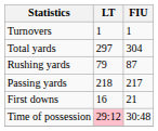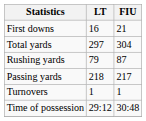 <table class="wikitable" style="float: left;">
 <tr>
 <th>Statistics</th>
 <th>LT</th>
 <th>FIU</th>
 </tr>
 <tr>
-<td>Turnovers</td>
-<td>1</td>
-<td>1</td>
+<td>First downs</td>
+<td>16</td>
+<td>21</td>
 </tr>
 <tr>
 <td>Total yards</td>
 <td>297</td>
 <td>304</td>
 </tr>
 <tr>
 <td>Rushing yards</td>
 <td>79</td>
 <td>87</td>
 </tr>
 <tr>
 <td>Passing yards</td>
 <td>218</td>
 <td>217</td>
 </tr>
 <tr>
-<td>First downs</td>
-<td>16</td>
-<td>21</td>
+<td>Turnovers</td>
+<td>1</td>
+<td>1</td>
 </tr>
 <tr>
 <td>Time of possession</td>
-<td style="background: pink;">29:12</td>
+<td>29:12</td>
 <td>30:48</td>
 </tr>
 <tr>
 </tr>
 </table>
